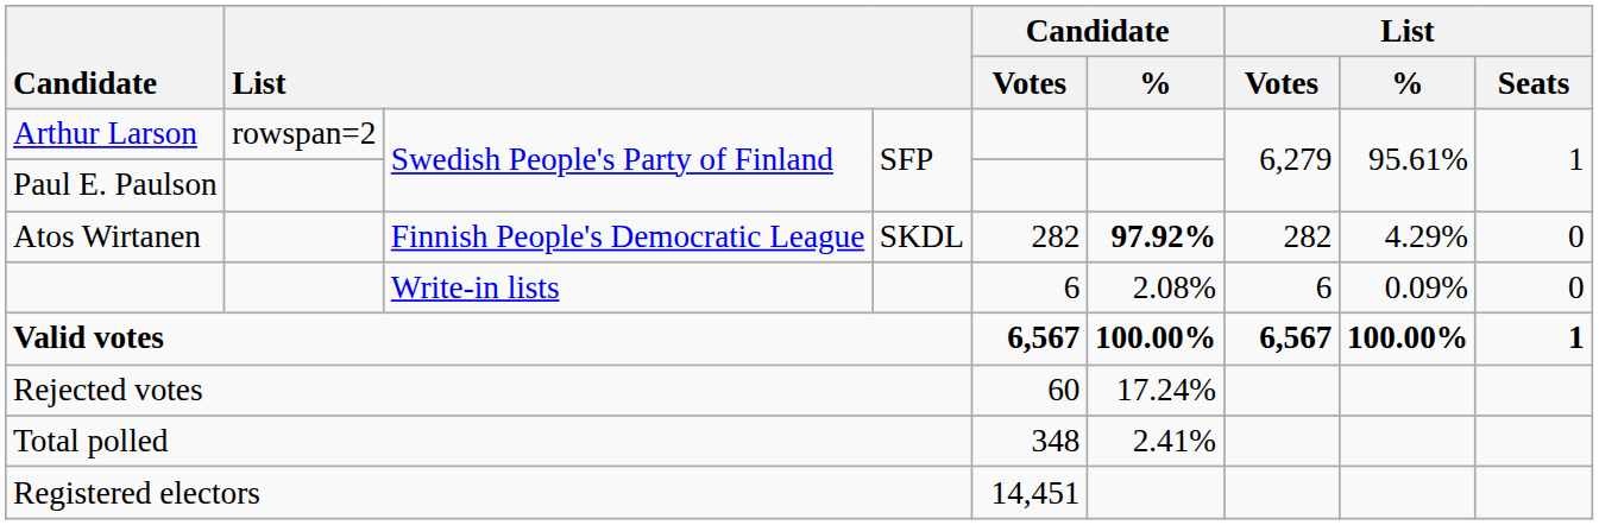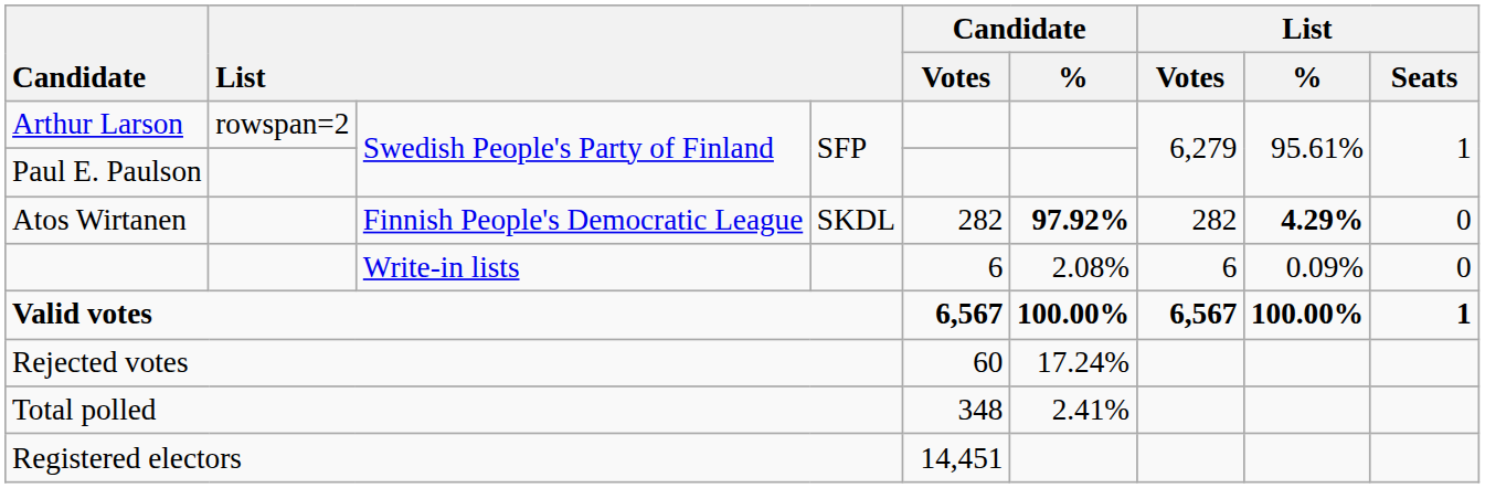 <table class="wikitable" border="1" style="text-align:right;">
 <tr>
 <th ! style="text-align:left;" valign=bottom rowspan=2>Candidate</th>
 <th style="text-align:left;" valign=bottom rowspan=2 colspan=3>List</th>
 <th colspan=2>Candidate</th>
 <th colspan=3>List</th>
 </tr>
 <tr>
 <th align=center valign=bottom width="50">Votes</th>
 <th align=center valign=bottom width="50">%</th>
 <th align=center valign=bottom width="50">Votes</th>
 <th align=center valign=bottom width="50">%</th>
 <th align=center valign=bottom width="50">Seats</th>
 </tr>
 <tr>
 <td align=left><a href='#'>Arthur Larson</a></td>
 <td>rowspan=2 </td>
 <td rowspan=2 align=left><a href='#'>Swedish People's Party of Finland</a></td>
 <td rowspan=2 align=left>SFP</td>
 <td></td>
 <td></td>
 <td rowspan=2>6,279</td>
 <td rowspan=2>95.61%</td>
 <td rowspan=2>1</td>
 </tr>
 <tr>
 <td align=left>Paul E. Paulson</td>
 <td></td>
 <td></td>
 </tr>
 <tr>
 <td align=left>Atos Wirtanen</td>
 <td></td>
 <td align=left><a href='#'>Finnish People's Democratic League</a></td>
 <td align=left>SKDL</td>
 <td>282</td>
 <td><strong>97.92%</strong></td>
 <td>282</td>
-<td>4.29%</td>
+<td><strong>4.29%</strong></td>
 <td>0</td>
 </tr>
 <tr>
 <td align=left></td>
 <td></td>
 <td align=left><a href='#'>Write-in lists</a></td>
 <td align=left></td>
 <td>6</td>
 <td>2.08%</td>
 <td>6</td>
 <td>0.09%</td>
 <td>0</td>
 </tr>
 <tr style="font-weight:bold">
 <td align=left colspan=4>Valid votes</td>
 <td>6,567</td>
 <td>100.00%</td>
 <td>6,567</td>
 <td>100.00%</td>
 <td>1</td>
 </tr>
 <tr>
 <td align=left colspan=4>Rejected votes</td>
 <td>60</td>
 <td>17.24%</td>
 <td></td>
 <td></td>
 <td></td>
 </tr>
 <tr>
 <td align=left colspan=4>Total polled</td>
 <td>348</td>
 <td>2.41%</td>
 <td></td>
 <td></td>
 <td></td>
 </tr>
 <tr>
 <td align=left colspan=4>Registered electors</td>
 <td>14,451</td>
 <td></td>
 <td></td>
 <td></td>
 <td></td>
 </tr>
 </table>
